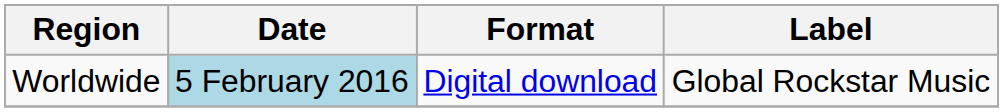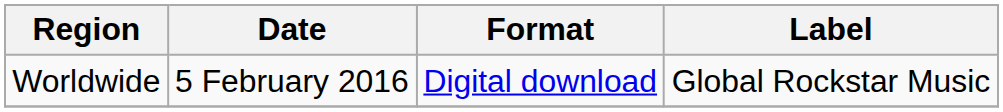 <table class=wikitable>
 <tr>
 <th>Region</th>
 <th>Date</th>
 <th>Format</th>
 <th>Label</th>
 </tr>
 <tr>
 <td>Worldwide</td>
-<td style="background: lightblue;">5 February 2016</td>
+<td>5 February 2016</td>
 <td><a href='#'>Digital download</a></td>
 <td>Global Rockstar Music</td>
 </tr>
 <tr>
 </tr>
 </table>
